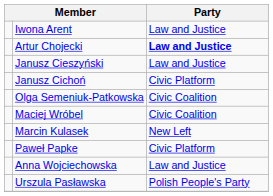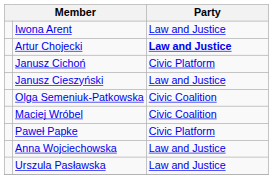 <table class="wikitable">
 <tr>
 <th width=200px colspan=2>Member</th>
 <th width=175px>Party</th>
 </tr>
 <tr>
 <td width=5px style="background-color: "></td>
 <td><a href='#'>Iwona Arent</a></td>
 <td><a href='#'>Law and Justice</a></td>
 </tr>
 <tr>
 <td style="background-color: "></td>
 <td><a href='#'>Artur Chojecki</a></td>
 <td><strong><a href='#'>Law and Justice</a></strong></td>
 </tr>
 <tr>
 <td style="background-color: "></td>
-<td><a href='#'>Janusz Cieszyński</a></td>
-<td><a href='#'>Law and Justice</a></td>
+<td><a href='#'>Janusz Cichoń</a></td>
+<td><a href='#'>Civic Platform</a></td>
 </tr>
 <tr>
 <td style="background-color: "></td>
-<td><a href='#'>Janusz Cichoń</a></td>
-<td><a href='#'>Civic Platform</a></td>
+<td><a href='#'>Janusz Cieszyński</a></td>
+<td><a href='#'>Law and Justice</a></td>
 </tr>
 <tr>
 <td style="background-color: "></td>
 <td><a href='#'>Olga Semeniuk-Patkowska</a></td>
 <td><a href='#'>Civic Coalition</a></td>
 </tr>
 <tr>
 <td style="background-color: "></td>
 <td><a href='#'>Maciej Wróbel</a></td>
 <td><a href='#'>Civic Coalition</a></td>
-</tr>
-<tr>
-<td style="background-color: "></td>
-<td><a href='#'>Marcin Kulasek</a></td>
-<td><a href='#'>New Left</a></td>
 </tr>
 <tr>
 <td style="background-color: "></td>
 <td><a href='#'>Paweł Papke</a></td>
 <td><a href='#'>Civic Platform</a></td>
 </tr>
 <tr>
 <td style="background-color: "></td>
 <td><a href='#'>Anna Wojciechowska</a></td>
 <td><a href='#'>Law and Justice</a></td>
 </tr>
 <tr>
 <td style="background-color: "></td>
 <td><a href='#'>Urszula Pasławska</a></td>
-<td><a href='#'>Polish People's Party</a></td>
+<td><a href='#'>Law and Justice</a></td>
 </tr>
 <tr>
 </tr>
 </table>
